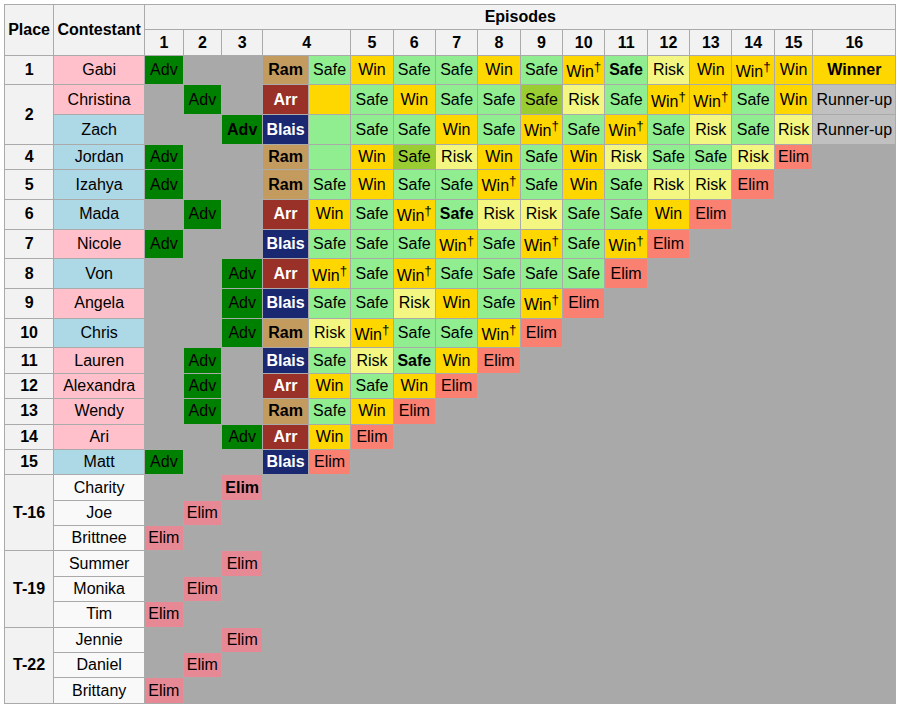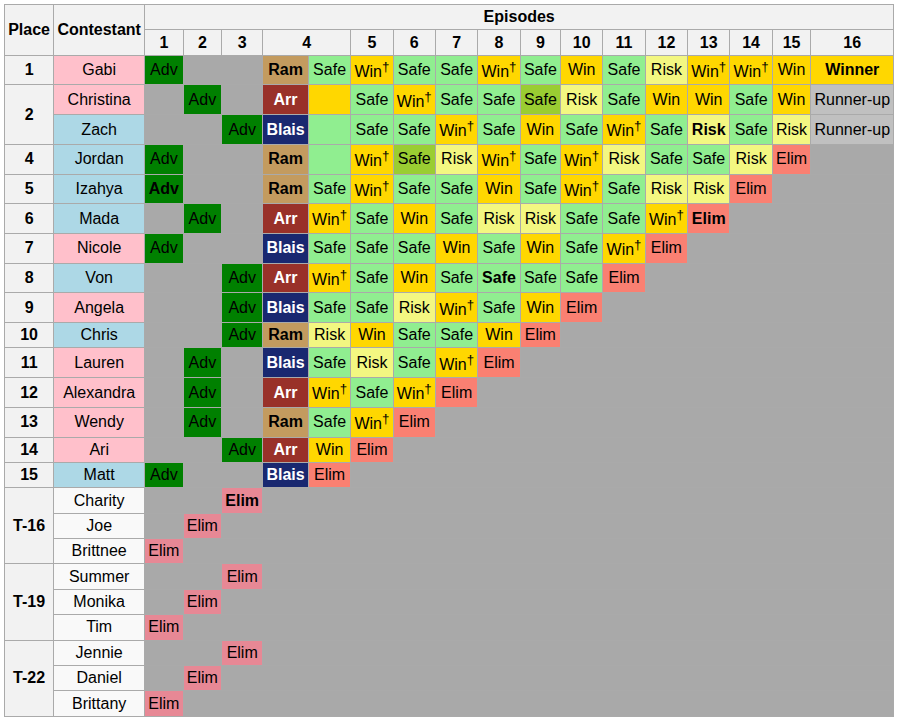 <table class="wikitable" style="text-align: center;">
 <tr>
 <th rowspan="2" scope="col">Place</th>
 <th rowspan="2" scope="col">Contestant</th>
 <th colspan="17">Episodes</th>
 </tr>
 <tr>
 <th>1</th>
 <th>2</th>
 <th>3</th>
 <th colspan="2" scope="col">4</th>
 <th>5</th>
 <th>6</th>
 <th>7</th>
 <th>8</th>
 <th>9</th>
 <th>10</th>
 <th>11</th>
 <th>12</th>
 <th>13</th>
 <th>14</th>
 <th>15</th>
 <th>16</th>
 </tr>
 <tr>
 <th>1</th>
 <td style="background:pink;">Gabi</td>
 <td style="background:Green;">Adv</td>
 <td colspan="2" style="background:darkgrey;"></td>
 <td style="background:#C39B5F;"><strong>Ram</strong></td>
 <td style="background:lightgreen;">Safe</td>
-<td style="background:gold;">Win</td>
+<td style="background:gold;">Win<sup>†</sup></td>
 <td style="background:lightgreen;">Safe</td>
+<td style="background:lightgreen;">Safe</td>
+<td style="background:gold;">Win<sup>†</sup></td>
 <td style="background:lightgreen;">Safe</td>
 <td style="background:gold;">Win</td>
 <td style="background:lightgreen;">Safe</td>
+<td bgcolor="#F3F781">Risk</td>
 <td style="background:gold;">Win<sup>†</sup></td>
-<td style="background:lightgreen;"><strong>Safe</strong></td>
-<td bgcolor="#F3F781">Risk</td>
-<td style="background:gold;">Win</td>
 <td style="background:gold;">Win<sup>†</sup></td>
 <td style="background:gold;">Win</td>
 <td bgcolor=gold><strong>Winner</strong></td>
 </tr>
 <tr>
 <th rowspan=2>2</th>
 <td style="background:pink;">Christina</td>
 <td colspan="1" style="background:darkgrey;"></td>
 <td style="background:Green;">Adv</td>
 <td colspan="1" style="background:darkgrey;"></td>
 <td style="background:#993129; color:white;"><strong>Arr</strong></td>
 <td style="background:gold;"></td>
 <td style="background:lightgreen;">Safe</td>
-<td style="background:gold;">Win</td>
+<td style="background:gold;">Win<sup>†</sup></td>
 <td style="background:lightgreen;">Safe</td>
 <td style="background:lightgreen;">Safe</td>
 <td style="background:yellowgreen;">Safe</td>
 <td bgcolor="#F3F781">Risk</td>
 <td style="background:lightgreen;">Safe</td>
-<td style="background:gold;">Win<sup>†</sup></td>
-<td style="background:gold;">Win<sup>†</sup></td>
+<td style="background:gold;">Win</td>
+<td style="background:gold;">Win</td>
 <td style="background:lightgreen;">Safe</td>
 <td style="background:gold;">Win</td>
 <td bgcolor=silver>Runner-up</td>
 </tr>
 <tr>
 <td style="background:lightblue;">Zach</td>
 <td colspan="2" style="background:darkgrey;"></td>
-<td style="background:Green;"><strong>Adv</strong></td>
+<td style="background:Green;">Adv</td>
 <td style="background:#192870; color:white;"><strong>Blais</strong></td>
 <td style="background:lightgreen;"></td>
 <td style="background:lightgreen;">Safe</td>
+<td style="background:lightgreen;">Safe</td>
+<td style="background:gold;">Win<sup>†</sup></td>
 <td style="background:lightgreen;">Safe</td>
 <td style="background:gold;">Win</td>
 <td style="background:lightgreen;">Safe</td>
 <td style="background:gold;">Win<sup>†</sup></td>
 <td style="background:lightgreen;">Safe</td>
-<td style="background:gold;">Win<sup>†</sup></td>
-<td style="background:lightgreen;">Safe</td>
-<td bgcolor="#F3F781">Risk</td>
+<td bgcolor="#F3F781"><strong>Risk</strong></td>
 <td style="background:lightgreen;">Safe</td>
 <td bgcolor="#F3F781">Risk</td>
 <td bgcolor=silver>Runner-up</td>
 </tr>
 <tr>
 <th>4</th>
 <td style="background:lightblue;">Jordan</td>
 <td style="background:Green;">Adv</td>
 <td colspan="2" style="background:darkgrey;"></td>
 <td style="background:#C39B5F;"><strong>Ram</strong></td>
 <td style="background:lightgreen;"></td>
-<td style="background:gold;">Win</td>
+<td style="background:gold;">Win<sup>†</sup></td>
 <td style="background:yellowgreen;">Safe</td>
 <td bgcolor="#F3F781">Risk</td>
-<td style="background:gold;">Win</td>
+<td style="background:gold;">Win<sup>†</sup></td>
 <td style="background:lightgreen;">Safe</td>
-<td style="background:gold;">Win</td>
+<td style="background:gold;">Win<sup>†</sup></td>
 <td bgcolor="#F3F781">Risk</td>
 <td style="background:lightgreen;">Safe</td>
 <td style="background:lightgreen;">Safe</td>
 <td bgcolor="#F3F781">Risk</td>
 <td style="background:salmon;">Elim</td>
 <td colspan="1" style="background:darkgrey;"></td>
 </tr>
 <tr>
 <th>5</th>
 <td style="background:lightblue;">Izahya</td>
-<td style="background:Green;">Adv</td>
+<td style="background:Green;"><strong>Adv</strong></td>
 <td colspan="2" style="background:darkgrey;"></td>
 <td style="background:#C39B5F;"><strong>Ram</strong></td>
 <td style="background:lightgreen;">Safe</td>
+<td style="background:gold;">Win<sup>†</sup></td>
+<td style="background:lightgreen;">Safe</td>
+<td style="background:lightgreen;">Safe</td>
 <td style="background:gold;">Win</td>
 <td style="background:lightgreen;">Safe</td>
-<td style="background:lightgreen;">Safe</td>
 <td style="background:gold;">Win<sup>†</sup></td>
-<td style="background:lightgreen;">Safe</td>
-<td style="background:gold;">Win</td>
 <td style="background:lightgreen;">Safe</td>
 <td bgcolor="#F3F781">Risk</td>
 <td bgcolor="#F3F781">Risk</td>
 <td style="background:salmon;">Elim</td>
 <td colspan="2" style="background:darkgrey;"></td>
 </tr>
 <tr>
 <th>6</th>
 <td style="background:lightblue;">Mada</td>
 <td colspan="1" style="background:darkgrey;"></td>
 <td style="background:Green;">Adv</td>
 <td colspan="1" style="background:darkgrey;"></td>
 <td style="background:#993129; color:white;"><strong>Arr</strong></td>
+<td style="background:gold;">Win<sup>†</sup></td>
+<td style="background:lightgreen;">Safe</td>
 <td style="background:gold;">Win</td>
 <td style="background:lightgreen;">Safe</td>
-<td style="background:gold;">Win<sup>†</sup></td>
-<td style="background:lightgreen;"><strong>Safe</strong></td>
 <td bgcolor="#F3F781">Risk</td>
 <td bgcolor="#F3F781">Risk</td>
 <td style="background:lightgreen;">Safe</td>
 <td style="background:lightgreen;">Safe</td>
-<td style="background:gold;">Win</td>
-<td style="background:salmon;">Elim</td>
+<td style="background:gold;">Win<sup>†</sup></td>
+<td style="background:salmon;"><strong>Elim</strong></td>
 <td colspan="3" style="background:darkgrey;"></td>
 </tr>
 <tr>
 <th>7</th>
 <td style="background:pink;">Nicole</td>
 <td style="background:Green;">Adv</td>
 <td colspan="2" style="background:darkgrey;"></td>
 <td style="background:#192870; color:white;"><strong>Blais</strong></td>
 <td style="background:lightgreen;">Safe</td>
 <td style="background:lightgreen;">Safe</td>
 <td style="background:lightgreen;">Safe</td>
-<td style="background:gold;">Win<sup>†</sup></td>
+<td style="background:gold;">Win</td>
 <td style="background:lightgreen;">Safe</td>
-<td style="background:gold;">Win<sup>†</sup></td>
+<td style="background:gold;">Win</td>
 <td style="background:lightgreen;">Safe</td>
 <td style="background:gold;">Win<sup>†</sup></td>
 <td style="background:salmon;">Elim</td>
 <td colspan="4" style="background:darkgrey;"></td>
 </tr>
 <tr>
 <th>8</th>
 <td style="background:lightblue;">Von</td>
 <td colspan="2" style="background:darkgrey;"></td>
 <td style="background:Green;">Adv</td>
 <td style="background:#993129; color:white;"><strong>Arr</strong></td>
 <td style="background:gold;">Win<sup>†</sup></td>
 <td style="background:lightgreen;">Safe</td>
-<td style="background:gold;">Win<sup>†</sup></td>
+<td style="background:gold;">Win</td>
 <td style="background:lightgreen;">Safe</td>
-<td style="background:lightgreen;">Safe</td>
+<td style="background:lightgreen;"><strong>Safe</strong></td>
 <td style="background:lightgreen;">Safe</td>
 <td style="background:lightgreen;">Safe</td>
 <td style="background:salmon;">Elim</td>
 <td colspan="5" style="background:darkgrey;"></td>
 </tr>
 <tr>
 <th>9</th>
 <td style="background:pink;">Angela</td>
 <td colspan="2" style="background:darkgrey;"></td>
 <td style="background:Green;">Adv</td>
 <td style="background:#192870; color:white;"><strong>Blais</strong></td>
 <td style="background:lightgreen;">Safe</td>
 <td style="background:lightgreen;">Safe</td>
 <td bgcolor="#F3F781">Risk</td>
+<td style="background:gold;">Win<sup>†</sup></td>
+<td style="background:lightgreen;">Safe</td>
 <td style="background:gold;">Win</td>
-<td style="background:lightgreen;">Safe</td>
-<td style="background:gold;">Win<sup>†</sup></td>
 <td style="background:salmon;">Elim</td>
 <td colspan="6" style="background:darkgrey;"></td>
 </tr>
 <tr>
 <th>10</th>
 <td style="background:lightblue;">Chris</td>
 <td colspan="2" style="background:darkgrey;"></td>
 <td style="background:Green;">Adv</td>
 <td style="background:#C39B5F;"><strong>Ram</strong></td>
 <td bgcolor="#F3F781">Risk</td>
-<td style="background:gold;">Win<sup>†</sup></td>
+<td style="background:gold;">Win</td>
 <td style="background:lightgreen;">Safe</td>
 <td style="background:lightgreen;">Safe</td>
-<td style="background:gold;">Win<sup>†</sup></td>
+<td style="background:gold;">Win</td>
 <td style="background:salmon;">Elim</td>
 <td colspan="7" style="background:darkgrey;"></td>
 </tr>
 <tr>
 <th>11</th>
 <td style="background:pink;">Lauren</td>
 <td colspan="1" style="background:darkgrey;"></td>
 <td style="background:Green;">Adv</td>
 <td colspan="1" style="background:darkgrey;"></td>
 <td style="background:#192870; color:white;"><strong>Blais</strong></td>
 <td style="background:lightgreen;">Safe</td>
 <td bgcolor="#F3F781">Risk</td>
-<td style="background:lightgreen;"><strong>Safe</strong></td>
-<td style="background:gold;">Win</td>
+<td style="background:lightgreen;">Safe</td>
+<td style="background:gold;">Win<sup>†</sup></td>
 <td style="background:salmon;">Elim</td>
 <td colspan="8" style="background:darkgrey;"></td>
 </tr>
 <tr>
 <th>12</th>
 <td style="background:pink;">Alexandra</td>
 <td colspan="1" style="background:darkgrey;"></td>
 <td style="background:Green;">Adv</td>
 <td colspan="1" style="background:darkgrey;"></td>
 <td style="background:#993129; color:white;"><strong>Arr</strong></td>
-<td style="background:gold;">Win</td>
+<td style="background:gold;">Win<sup>†</sup></td>
 <td style="background:lightgreen;">Safe</td>
-<td style="background:gold;">Win</td>
+<td style="background:gold;">Win<sup>†</sup></td>
 <td style="background:salmon;">Elim</td>
 <td colspan="9" style="background:darkgrey;"></td>
 </tr>
 <tr>
 <th>13</th>
 <td style="background:pink;">Wendy</td>
 <td colspan="1" style="background:darkgrey;"></td>
 <td style="background:Green;">Adv</td>
 <td colspan="1" style="background:darkgrey;"></td>
 <td style="background:#C39B5F;"><strong>Ram</strong></td>
 <td style="background:lightgreen;">Safe</td>
-<td style="background:gold;">Win</td>
+<td style="background:gold;">Win<sup>†</sup></td>
 <td style="background:salmon;">Elim</td>
 <td colspan="10" style="background:darkgrey;"></td>
 </tr>
 <tr>
 <th>14</th>
 <td style="background:pink;">Ari</td>
 <td colspan="2" style="background:darkgrey;"></td>
 <td style="background:Green;">Adv</td>
 <td style="background:#993129; color:white;"><strong>Arr</strong></td>
 <td style="background:gold;">Win</td>
 <td style="background:salmon;">Elim</td>
 <td colspan="11" style="background:darkgrey;"></td>
 </tr>
 <tr>
 <th>15</th>
 <td style="background:lightblue;">Matt</td>
 <td style="background:Green;">Adv</td>
 <td colspan="2" style="background:darkgrey;"></td>
 <td style="background:#192870; color:white;"><strong>Blais</strong></td>
 <td style="background:salmon;">Elim</td>
 <td colspan="12" style="background:darkgrey;"></td>
 </tr>
 <tr>
 <th rowspan="3">T-16</th>
 <td>Charity</td>
 <td colspan="2" style="background:darkgrey;"></td>
 <td style="background:#E78895;"><strong>Elim</strong></td>
 <td colspan="14" style="background:darkgrey;"></td>
 </tr>
 <tr>
 <td>Joe</td>
 <td colspan="1" style="background:darkgrey;"></td>
 <td style="background:#E78895;">Elim</td>
 <td colspan="15" style="background:darkgrey;"></td>
 </tr>
 <tr>
 <td>Brittnee</td>
 <td style="background:#E78895;">Elim</td>
 <td colspan="16" style="background:darkgrey;"></td>
 </tr>
 <tr>
 <th rowspan="3">T-19</th>
 <td>Summer</td>
 <td colspan="2" style="background:darkgrey;"></td>
 <td style="background:#E78895;">Elim</td>
 <td colspan="14" style="background:darkgrey;"></td>
 </tr>
 <tr>
 <td>Monika</td>
 <td colspan="1" style="background:darkgrey;"></td>
 <td style="background:#E78895;">Elim</td>
 <td colspan="15" style="background:darkgrey;"></td>
 </tr>
 <tr>
 <td>Tim</td>
 <td style="background:#E78895;">Elim</td>
 <td colspan="16" style="background:darkgrey;"></td>
 </tr>
 <tr>
 <th rowspan="3">T-22</th>
 <td>Jennie</td>
 <td colspan="2" style="background:darkgrey;"></td>
 <td style="background:#E78895;">Elim</td>
 <td colspan="14" style="background:darkgrey;"></td>
 </tr>
 <tr>
 <td>Daniel</td>
 <td colspan="1" style="background:darkgrey;"></td>
 <td style="background:#E78895;">Elim</td>
 <td colspan="15" style="background:darkgrey;"></td>
 </tr>
 <tr>
 <td>Brittany</td>
 <td style="background:#E78895;">Elim</td>
 <td colspan="16" style="background:darkgrey;"></td>
 </tr>
 </table>
